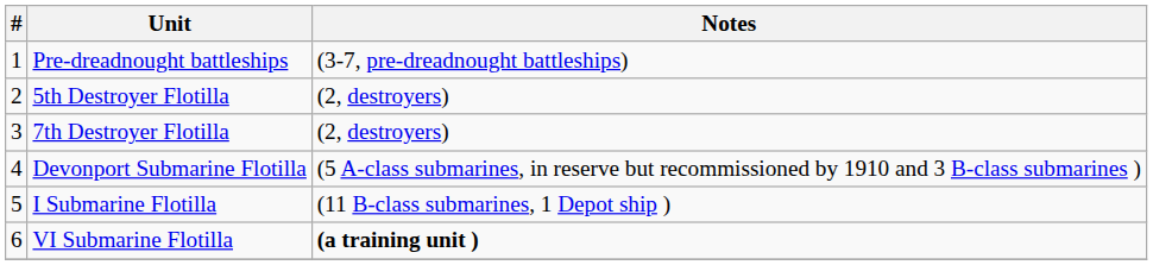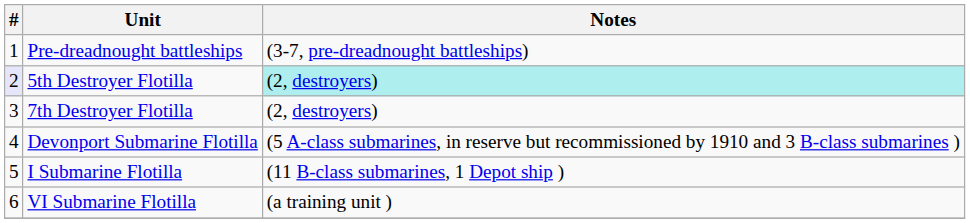 <table class=wikitable>
 <tr>
 <th>#</th>
 <th>Unit</th>
 <th>Notes</th>
 </tr>
 <tr>
 <td>1</td>
 <td><a href='#'>Pre-dreadnought battleships</a></td>
 <td>(3-7, <a href='#'>pre-dreadnought battleships</a>)</td>
 </tr>
 <tr>
-<td>2</td>
+<td style="background: lavender;">2</td>
 <td><a href='#'>5th Destroyer Flotilla</a></td>
-<td>(2, <a href='#'>destroyers</a>)</td>
+<td style="background: paleturquoise;">(2, <a href='#'>destroyers</a>)</td>
 </tr>
 <tr>
 <td>3</td>
 <td><a href='#'>7th Destroyer Flotilla</a></td>
 <td>(2, <a href='#'>destroyers</a>)</td>
 </tr>
 <tr>
 <td>4</td>
 <td><a href='#'>Devonport Submarine Flotilla</a></td>
 <td>(5 <a href='#'>A-class submarines</a>, in reserve but recommissioned by 1910 and 3 <a href='#'>B-class submarines</a> )</td>
 </tr>
 <tr>
 <td>5</td>
 <td><a href='#'>I Submarine Flotilla</a></td>
 <td>(11  <a href='#'>B-class submarines</a>, 1 <a href='#'>Depot ship</a> )</td>
 </tr>
 <tr>
 <td>6</td>
 <td><a href='#'>VI Submarine Flotilla</a></td>
-<td><strong>(a training unit )</strong></td>
+<td>(a training unit )</td>
 </tr>
 <tr>
 </tr>
 </table>
